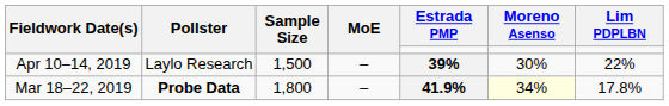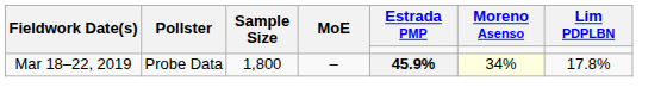 <table class="wikitable" style="text-align:center;font-size:90%;line-height:15px">
 <tr>
 <th rowspan="2">Fieldwork Date(s)</th>
 <th rowspan="2">Pollster</th>
 <th rowspan="2" style="width:60px;">Sample Size</th>
 <th rowspan="2" style="width:60px;">MoE</th>
 <th style="width:75px;"><a href='#'>Estrada</a><br><small><a href='#'>PMP</a></small></th>
 <th style="width:75px;"><a href='#'>Moreno</a><br><small><a href='#'>Asenso</a></small></th>
 <th style="width:75px;"><a href='#'>Lim</a><br><small><a href='#'>PDPLBN</a></small></th>
 </tr>
 <tr>
 <td style="background:"></td>
 <td style="background:"></td>
 <td style="background:"></td>
 </tr>
 <tr>
-<td>Apr 10–14, 2019</td>
-<td>Laylo Research</td>
-<td>1,500</td>
-<td>–</td>
-<th style="background-color:#">39%</th>
-<td>30%</td>
-<td>22%</td>
-</tr>
-<tr>
 <td>Mar 18–22, 2019</td>
-<td><strong>Probe Data</strong></td>
+<td>Probe Data</td>
 <td>1,800</td>
 <td>–</td>
-<th style="background-color:#">41.9%</th>
+<th style="background-color:#">45.9%</th>
 <td style="background: lightyellow;">34%</td>
 <td>17.8%</td>
 </tr>
 </table>
